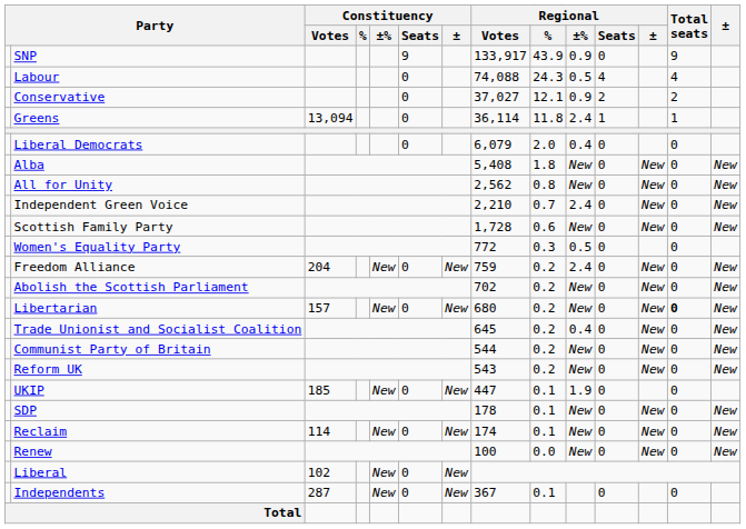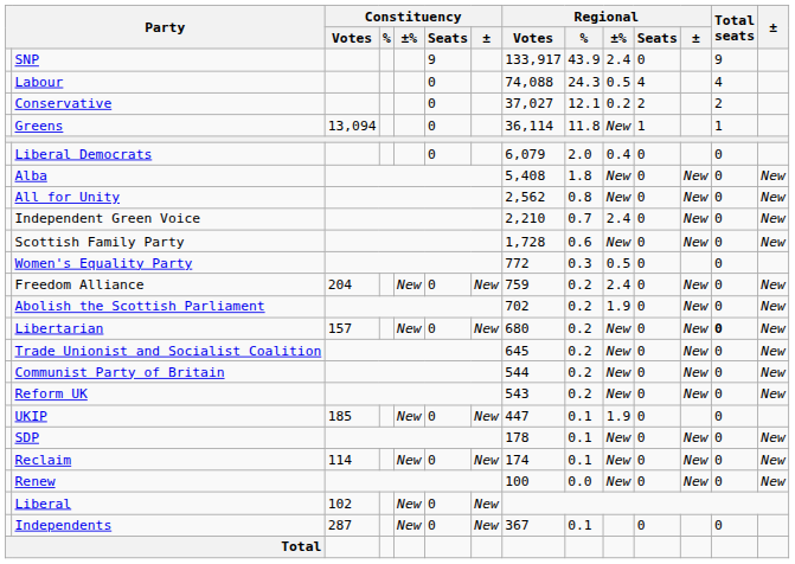 <table class="wikitable sortable">
 <tr>
 <th colspan="2" rowspan="2">Party</th>
 <th colspan="5">Constituency</th>
 <th colspan="5">Regional</th>
 <th rowspan="2">Total<br>seats</th>
 <th rowspan="2">±</th>
 </tr>
 <tr>
 <th>Votes</th>
 <th>%</th>
 <th>±%</th>
 <th>Seats</th>
 <th>±</th>
 <th>Votes</th>
 <th>%</th>
 <th>±%</th>
 <th>Seats</th>
 <th>±</th>
 </tr>
 <tr>
 <td style="color:inherit;background:"></td>
 <td><a href='#'>SNP</a></td>
 <td></td>
 <td></td>
 <td></td>
 <td>9</td>
 <td></td>
 <td>133,917</td>
 <td>43.9</td>
-<td>0.9</td>
+<td>2.4</td>
 <td>0</td>
 <td></td>
 <td>9</td>
 <td></td>
 </tr>
 <tr>
 <td style="color:inherit;background:"></td>
 <td><a href='#'>Labour</a></td>
 <td></td>
 <td></td>
 <td></td>
 <td>0</td>
 <td></td>
 <td>74,088</td>
 <td>24.3</td>
 <td>0.5</td>
 <td>4</td>
 <td></td>
 <td>4</td>
 <td></td>
 </tr>
 <tr>
 <td style="color:inherit;background:"></td>
 <td><a href='#'>Conservative</a></td>
 <td></td>
 <td></td>
 <td></td>
 <td>0</td>
 <td></td>
 <td>37,027</td>
 <td>12.1</td>
-<td>0.9</td>
+<td>0.2</td>
 <td>2</td>
 <td></td>
 <td>2</td>
 <td></td>
 </tr>
 <tr>
 <td style="color:inherit;background:"></td>
 <td><a href='#'>Greens</a></td>
 <td>13,094</td>
 <td></td>
 <td></td>
 <td>0</td>
 <td></td>
 <td>36,114</td>
 <td>11.8</td>
-<td>2.4</td>
+<td><em>New</em></td>
 <td>1</td>
 <td></td>
 <td>1</td>
 <td></td>
 </tr>
 <tr>
 <th colspan=14></th>
 </tr>
 <tr>
 <td style="color:inherit;background:"></td>
 <td><a href='#'>Liberal Democrats</a></td>
 <td></td>
 <td></td>
 <td></td>
 <td>0</td>
 <td></td>
 <td>6,079</td>
 <td>2.0</td>
 <td>0.4</td>
 <td>0</td>
 <td></td>
 <td>0</td>
 <td></td>
 </tr>
 <tr>
 <td style="color:inherit;background:"></td>
 <td><a href='#'>Alba</a></td>
 <td colspan="5"></td>
 <td>5,408</td>
 <td>1.8</td>
 <td><em>New</em></td>
 <td>0</td>
 <td><em>New</em></td>
 <td>0</td>
 <td><em>New</em></td>
 </tr>
 <tr>
 <td style="color:inherit;background:"></td>
 <td><a href='#'>All for Unity</a></td>
 <td colspan="5"></td>
 <td>2,562</td>
 <td>0.8</td>
 <td><em>New</em></td>
 <td>0</td>
 <td><em>New</em></td>
 <td>0</td>
 <td><em>New</em></td>
 </tr>
 <tr>
 <td style="color:inherit;background:"></td>
 <td>Independent Green Voice</td>
 <td colspan="5"></td>
 <td>2,210</td>
 <td>0.7</td>
 <td>2.4</td>
 <td>0</td>
 <td><em>New</em></td>
 <td>0</td>
 <td><em>New</em></td>
 </tr>
 <tr>
 <td style="color:inherit;background:"></td>
 <td>Scottish Family Party</td>
 <td colspan="5"></td>
 <td>1,728</td>
 <td>0.6</td>
 <td><em>New</em></td>
 <td>0</td>
 <td><em>New</em></td>
 <td>0</td>
 <td><em>New</em></td>
 </tr>
 <tr>
 <td style="color:inherit;background:"></td>
 <td><a href='#'>Women's Equality Party</a></td>
 <td colspan="5"></td>
 <td>772</td>
 <td>0.3</td>
 <td>0.5</td>
 <td>0</td>
 <td></td>
 <td>0</td>
 <td></td>
 </tr>
 <tr>
 <td style="color:inherit;background:"></td>
 <td>Freedom Alliance</td>
 <td>204</td>
 <td></td>
 <td><em>New</em></td>
 <td>0</td>
 <td><em>New</em></td>
 <td>759</td>
 <td>0.2</td>
 <td>2.4</td>
 <td>0</td>
 <td><em>New</em></td>
 <td>0</td>
 <td><em>New</em></td>
 </tr>
 <tr>
 <td style="color:inherit;background:"></td>
 <td><a href='#'>Abolish the Scottish Parliament</a></td>
 <td colspan="5"></td>
 <td>702</td>
 <td>0.2</td>
-<td><em>New</em></td>
+<td>1.9</td>
 <td>0</td>
 <td><em>New</em></td>
 <td>0</td>
 <td><em>New</em></td>
 </tr>
 <tr>
 <td style="color:inherit;background:"></td>
 <td><a href='#'>Libertarian</a></td>
 <td>157</td>
 <td></td>
 <td><em>New</em></td>
 <td>0</td>
 <td><em>New</em></td>
 <td>680</td>
 <td>0.2</td>
 <td><em>New</em></td>
 <td>0</td>
 <td><em>New</em></td>
 <td><strong>0</strong></td>
 <td><em>New</em></td>
 </tr>
 <tr>
 <td style="color:inherit;background:"></td>
 <td><a href='#'>Trade Unionist and Socialist Coalition</a></td>
 <td colspan="5"></td>
 <td>645</td>
 <td>0.2</td>
-<td>0.4</td>
+<td><em>New</em></td>
 <td>0</td>
 <td><em>New</em></td>
 <td>0</td>
 <td><em>New</em></td>
 </tr>
 <tr>
 <td style="color:inherit;background:"></td>
 <td><a href='#'>Communist Party of Britain</a></td>
 <td colspan="5"></td>
 <td>544</td>
 <td>0.2</td>
 <td><em>New</em></td>
 <td>0</td>
 <td><em>New</em></td>
 <td>0</td>
 <td><em>New</em></td>
 </tr>
 <tr>
 <td style="color:inherit;background:"></td>
 <td><a href='#'>Reform UK</a></td>
 <td colspan="5"></td>
 <td>543</td>
 <td>0.2</td>
 <td><em>New</em></td>
 <td>0</td>
 <td><em>New</em></td>
 <td>0</td>
 <td><em>New</em></td>
 </tr>
 <tr>
 <td style="color:inherit;background:"></td>
 <td><a href='#'>UKIP</a></td>
 <td>185</td>
 <td></td>
 <td><em>New</em></td>
 <td>0</td>
 <td><em>New</em></td>
 <td>447</td>
 <td>0.1</td>
 <td>1.9</td>
 <td>0</td>
 <td></td>
 <td>0</td>
 <td></td>
 </tr>
 <tr>
 <td style="color:inherit;background:"></td>
 <td><a href='#'>SDP</a></td>
 <td colspan="5"></td>
 <td>178</td>
 <td>0.1</td>
 <td><em>New</em></td>
 <td>0</td>
 <td><em>New</em></td>
 <td>0</td>
 <td><em>New</em></td>
 </tr>
 <tr>
 <td style="color:inherit;background:"></td>
 <td><a href='#'>Reclaim</a></td>
 <td>114</td>
 <td></td>
 <td><em>New</em></td>
 <td>0</td>
 <td><em>New</em></td>
 <td>174</td>
 <td>0.1</td>
 <td><em>New</em></td>
 <td>0</td>
 <td><em>New</em></td>
 <td>0</td>
 <td><em>New</em></td>
 </tr>
 <tr>
 <td style="color:inherit;background:"></td>
 <td><a href='#'>Renew</a></td>
 <td colspan="5"></td>
 <td>100</td>
 <td>0.0</td>
 <td><em>New</em></td>
 <td>0</td>
 <td><em>New</em></td>
 <td>0</td>
 <td><em>New</em></td>
 </tr>
 <tr>
 <td style="color:inherit;background:"></td>
 <td><a href='#'>Liberal</a></td>
 <td>102</td>
 <td></td>
 <td><em>New</em></td>
 <td>0</td>
 <td><em>New</em></td>
 <td colspan="7"></td>
 </tr>
 <tr>
 <td style="color:inherit;background:"></td>
 <td><a href='#'>Independents</a></td>
 <td>287</td>
 <td></td>
 <td><em>New</em></td>
 <td>0</td>
 <td><em>New</em></td>
 <td>367</td>
 <td>0.1</td>
 <td></td>
 <td>0</td>
 <td></td>
 <td>0</td>
 <td></td>
 </tr>
 <tr class="sortbottom">
 <th colspan="2" style="text-align:right;"><strong>Total</strong></th>
 <td></td>
 <td></td>
 <td></td>
 <td></td>
 <td></td>
 <td></td>
 <td></td>
 <td></td>
 <td></td>
 <td></td>
 <td></td>
 <td></td>
 </tr>
 </table>
